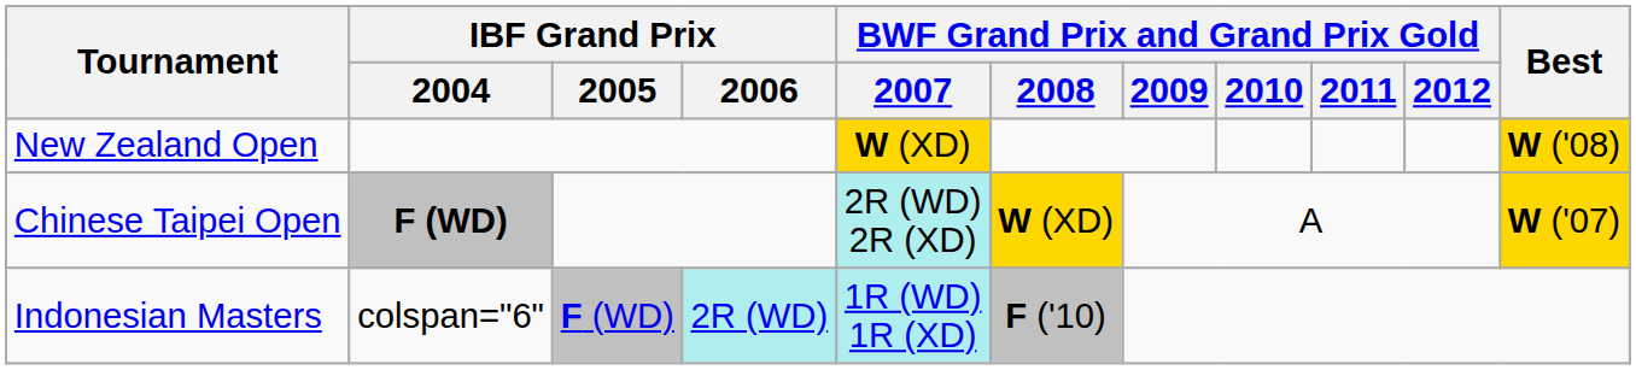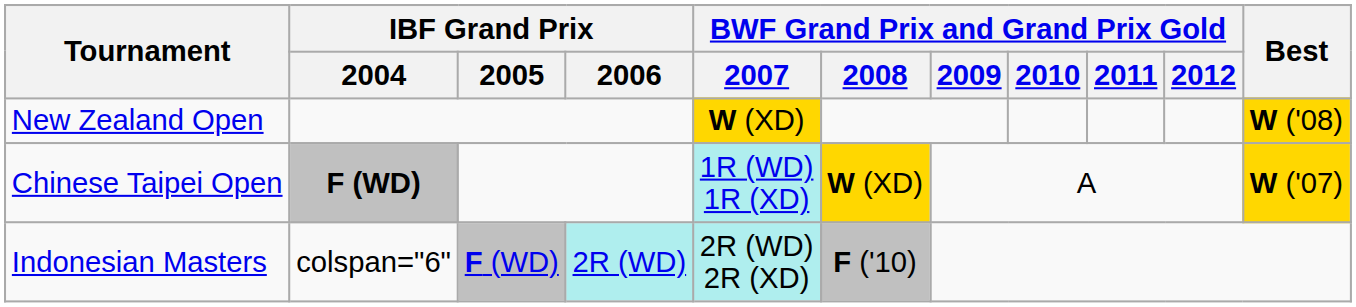 <table style='font-size: 90%; text-align:center;' class='wikitable'>
 <tr>
 <th rowspan="2">Tournament</th>
 <th colspan="3"><strong>IBF Grand Prix</strong></th>
 <th colspan="6"><strong><a href='#'>BWF Grand Prix and Grand Prix Gold</a></strong></th>
 <th rowspan="2">Best</th>
 </tr>
 <tr>
 <th>2004</th>
 <th>2005</th>
 <th>2006</th>
 <th><a href='#'>2007</a></th>
 <th><a href='#'>2008</a></th>
 <th><a href='#'>2009</a></th>
 <th><a href='#'>2010</a></th>
 <th><a href='#'>2011</a></th>
 <th><a href='#'>2012</a></th>
 </tr>
 <tr>
 <td align=left><a href='#'>New Zealand Open</a></td>
 <td colspan="3"></td>
 <td bgcolor=Gold><strong>W</strong> (XD)</td>
 <td colspan="2"></td>
 <td></td>
 <td></td>
 <td></td>
 <td bgcolor=Gold><strong>W</strong> ('08)</td>
 </tr>
 <tr>
 <td align=left><a href='#'>Chinese Taipei Open</a></td>
 <td bgcolor=silver><strong>F (WD)</strong></td>
 <td colspan="2"></td>
-<td bgcolor=AFEEEE>2R (WD)<br>2R (XD)</td>
+<td bgcolor=AFEEEE><a href='#'>1R (WD)</a><br><a href='#'>1R (XD)</a></td>
 <td bgcolor=Gold><strong>W</strong> (XD)</td>
 <td colspan="4">A</td>
 <td bgcolor=Gold><strong>W</strong> ('07)</td>
 </tr>
 <tr>
 <td align=left><a href='#'>Indonesian Masters</a></td>
 <td>colspan="6" </td>
 <td bgcolor=Silver><a href='#'><strong>F</strong> (WD)</a></td>
 <td bgcolor=AFEEEE><a href='#'>2R (WD)</a></td>
-<td bgcolor=AFEEEE><a href='#'>1R (WD)</a><br><a href='#'>1R (XD)</a></td>
+<td bgcolor=AFEEEE>2R (WD)<br>2R (XD)</td>
 <td bgcolor=Silver><strong>F</strong> ('10)</td>
 </tr>
 </table>
